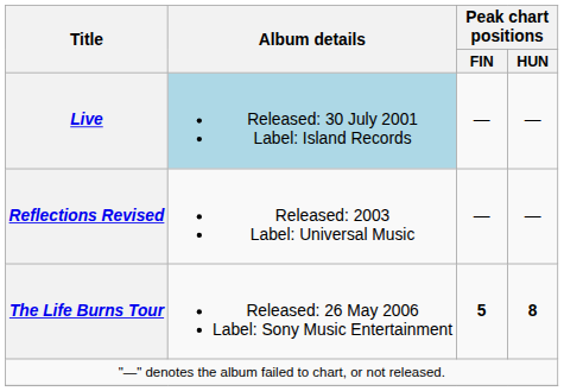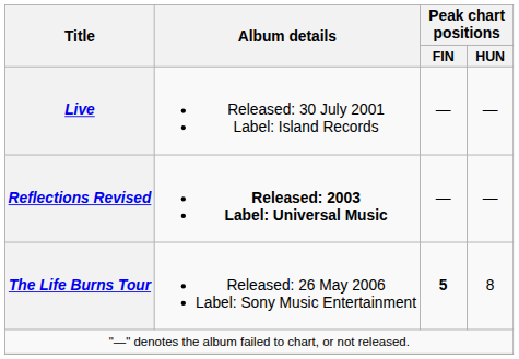 <table class="wikitable plainrowheaders" style="text-align:center;">
 <tr>
 <th scope="col" rowspan="2">Title</th>
 <th scope="col" rowspan="2">Album details</th>
 <th scope="col" colspan="2">Peak chart positions</th>
 </tr>
 <tr>
 <th scope="col" style="width:3em;font-size:90%;">FIN<br></th>
 <th scope="col" style="width:3em;font-size:90%;">HUN<br></th>
 </tr>
 <tr>
 <th scope="row"><em><a href='#'>Live</a></em></th>
-<td style="background: lightblue;"><br><ul><li>Released: 30 July 2001</li><li>Label: Island Records</li></ul></td>
+<td><br><ul><li>Released: 30 July 2001</li><li>Label: Island Records</li></ul></td>
 <td>—</td>
 <td>—</td>
 </tr>
 <tr>
 <th scope="row"><em><a href='#'>Reflections Revised</a></em></th>
-<td><br><ul><li>Released: 2003</li><li>Label: Universal Music</li></ul></td>
+<td><strong><br><ul><li>Released: 2003</li><li>Label: Universal Music</li></ul></strong></td>
 <td>—</td>
 <td>—</td>
 </tr>
 <tr>
 <th scope="row"><em><a href='#'>The Life Burns Tour</a></em></th>
 <td><br><ul><li>Released: 26 May 2006</li><li>Label: Sony Music Entertainment</li></ul></td>
 <td><strong>5</strong></td>
-<td><strong>8</strong></td>
+<td>8</td>
 </tr>
 <tr>
 <td align="center" colspan="18"><small>"—" denotes the album failed to chart, or not released.</small></td>
 </tr>
 <tr>
 </tr>
 </table>
